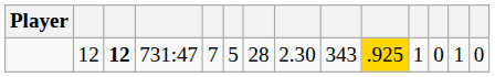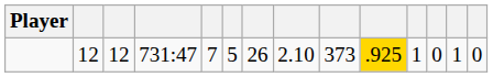 <table class="wikitable sortable" style="text-align:center;">
 <tr>
 <th>Player</th>
 <th></th>
 <th></th>
 <th></th>
 <th></th>
 <th></th>
 <th></th>
 <th></th>
 <th></th>
 <th></th>
 <th></th>
 <th></th>
 <th></th>
 <th></th>
 </tr>
 <tr>
 <td></td>
 <td>12</td>
-<td><strong>12</strong></td>
+<td>12</td>
 <td>731:47</td>
 <td>7</td>
 <td>5</td>
-<td>28</td>
-<td>2.30</td>
-<td>343</td>
+<td>26</td>
+<td>2.10</td>
+<td>373</td>
 <td style="background: gold;">.925</td>
 <td>1</td>
 <td>0</td>
 <td>1</td>
 <td>0</td>
 </tr>
 </table>
